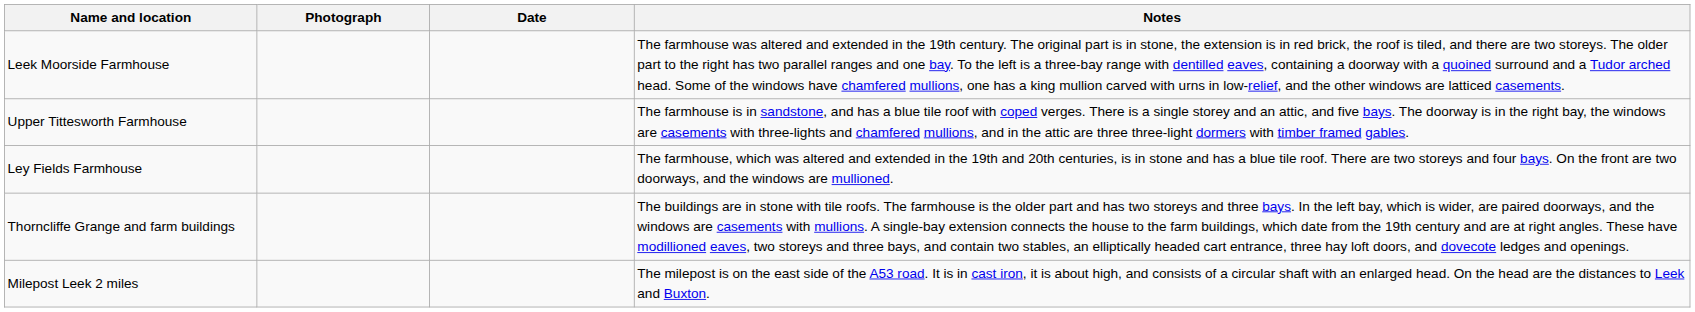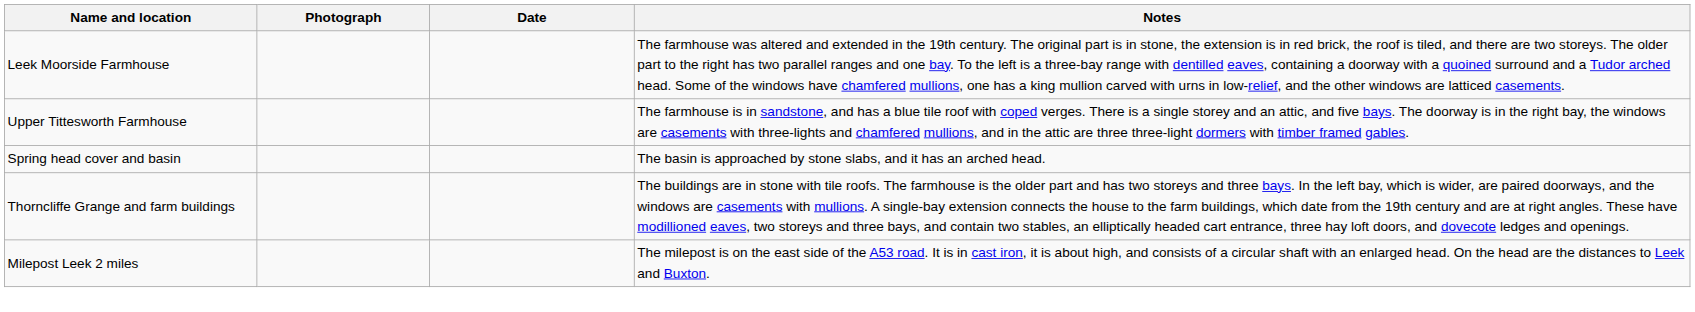 <table class="wikitable sortable plainrowheaders" style="width:100%;border:0px;text-align:left;line-height:150%;">
 <tr>
 <th scope="col"  style="width:150px">Name and location</th>
 <th scope="col"  style="width:100px" class="unsortable">Photograph</th>
 <th scope="col"  style="width:120px">Date</th>
 <th scope="col"  style="width:650px" class="unsortable">Notes</th>
 </tr>
 <tr>
 <td>Leek Moorside Farmhouse<br><small></small></td>
 <td></td>
 <td align="center"></td>
 <td>The farmhouse was altered and extended in the 19th century.  The original part is in stone, the extension is in red brick, the roof is tiled, and there are two storeys.  The older part to the right has two parallel ranges and one <a href='#'>bay</a>.  To the left is a three-bay range with <a href='#'>dentilled</a> <a href='#'>eaves</a>, containing a doorway with a <a href='#'>quoined</a> surround and a <a href='#'>Tudor arched</a> head.  Some of the windows have <a href='#'>chamfered</a> <a href='#'>mullions</a>, one has a king mullion carved with urns in low-<a href='#'>relief</a>, and the other windows are latticed <a href='#'>casements</a>.</td>
 </tr>
 <tr>
 <td>Upper Tittesworth Farmhouse<br><small></small></td>
 <td></td>
 <td align="center"></td>
 <td>The farmhouse is in <a href='#'>sandstone</a>, and has a blue tile roof with <a href='#'>coped</a> verges.  There is a single storey and an attic, and five <a href='#'>bays</a>.  The doorway is in the right bay, the windows are <a href='#'>casements</a> with three-lights and <a href='#'>chamfered</a> <a href='#'>mullions</a>, and in the attic are three three-light <a href='#'>dormers</a> with <a href='#'>timber framed</a> <a href='#'>gables</a>.</td>
 </tr>
 <tr>
-<td>Ley Fields Farmhouse<br><small></small></td>
+<td>Spring head cover and basin<br><small></small></td>
 <td></td>
 <td align="center"></td>
-<td>The farmhouse, which was altered and extended in the 19th and 20th centuries, is in stone and has a blue tile roof.  There are two storeys and four <a href='#'>bays</a>.  On the front are two doorways, and the windows are <a href='#'>mullioned</a>.</td>
+<td>The basin is approached by stone slabs, and it has an arched head.</td>
 </tr>
 <tr>
 <td>Thorncliffe Grange and farm buildings<br><small></small></td>
 <td></td>
 <td align="center"></td>
 <td>The buildings are in stone with tile roofs.  The farmhouse is the older part and has two storeys and three <a href='#'>bays</a>.  In the left bay, which is wider, are paired doorways, and the windows are <a href='#'>casements</a> with <a href='#'>mullions</a>.  A single-bay extension connects the house to the farm buildings, which date from the 19th century and are at right angles.  These have <a href='#'>modillioned</a> <a href='#'>eaves</a>, two storeys and three bays, and contain two stables, an elliptically headed cart entrance, three hay loft doors, and <a href='#'>dovecote</a> ledges and openings.</td>
 </tr>
 <tr>
 <td>Milepost Leek 2 miles<br><small></small></td>
 <td></td>
 <td align="center"></td>
 <td>The milepost is on the east side of the <a href='#'>A53 road</a>.  It is in <a href='#'>cast iron</a>, it is about  high, and consists of a circular shaft with an enlarged head.  On the head are the distances to <a href='#'>Leek</a> and <a href='#'>Buxton</a>.</td>
 </tr>
 <tr>
 </tr>
 </table>
